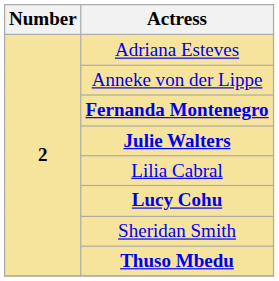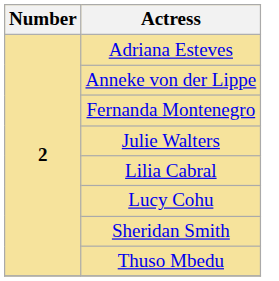 <table class="wikitable" rowspan=2 style="text-align: center; background: #f6e39c">
 <tr>
 <th scope="col" style="width:55px;">Number</th>
 <th scope="col" style="text-align:center;">Actress</th>
 </tr>
 <tr>
 <td rowspan="8"><strong>2</strong></td>
 <td><a href='#'>Adriana Esteves</a></td>
 </tr>
 <tr>
 <td><a href='#'>Anneke von der Lippe</a></td>
 </tr>
 <tr>
-<td><strong><a href='#'>Fernanda Montenegro</a></strong></td>
+<td><a href='#'>Fernanda Montenegro</a></td>
 </tr>
 <tr>
-<td><strong><a href='#'>Julie Walters</a></strong></td>
+<td><a href='#'>Julie Walters</a></td>
 </tr>
 <tr>
 <td><a href='#'>Lilia Cabral</a></td>
 </tr>
 <tr>
-<td><strong><a href='#'>Lucy Cohu</a></strong></td>
+<td><a href='#'>Lucy Cohu</a></td>
 </tr>
 <tr>
 <td><a href='#'>Sheridan Smith</a></td>
 </tr>
 <tr>
-<td><strong><a href='#'>Thuso Mbedu</a></strong></td>
+<td><a href='#'>Thuso Mbedu</a></td>
 </tr>
 <tr>
 </tr>
 </table>
